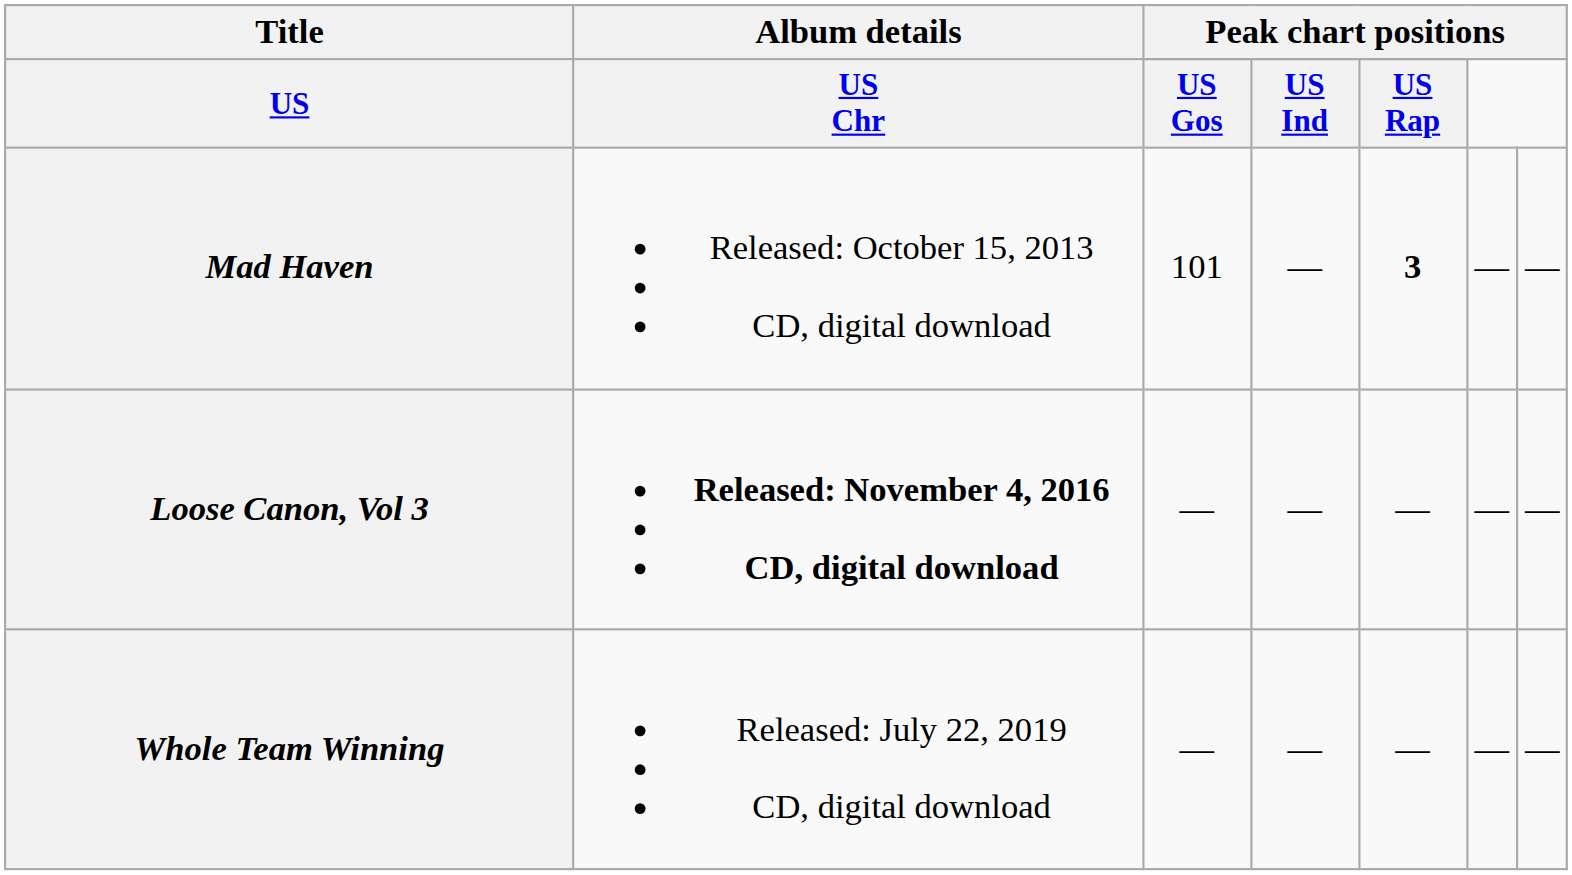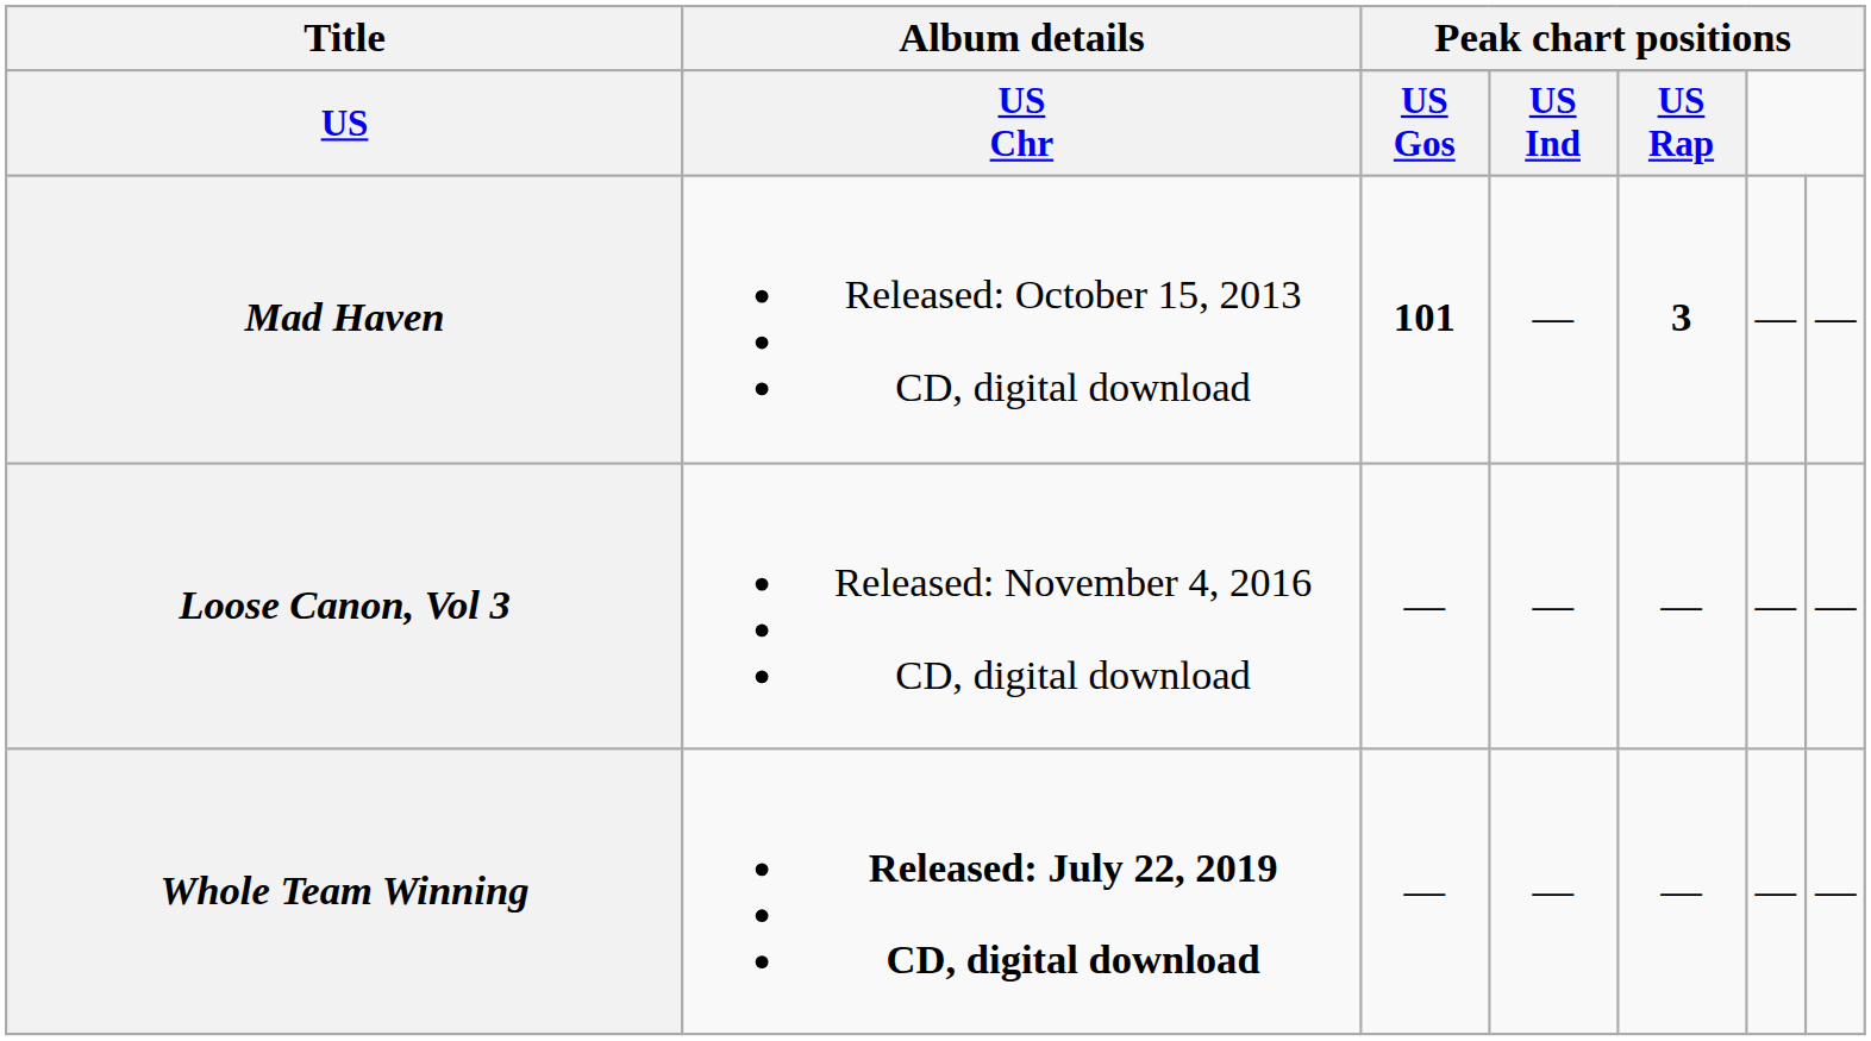 <table class="wikitable plainrowheaders" style="text-align:center;">
 <tr>
 <th scope="col" rowspan="2" style="width:16em;">Title</th>
 <th scope="col" rowspan="2" style="width:16em;">Album details</th>
 <th scope="col" colspan="5">Peak chart positions</th>
 </tr>
 <tr>
 </tr>
 <tr>
 <th style="width:3em; font-size:90%"><a href='#'>US</a></th>
 <th style="width:3em; font-size:90%"><a href='#'>US<br>Chr</a></th>
 <th style="width:3em; font-size:90%"><a href='#'>US<br>Gos</a></th>
 <th style="width:3em; font-size:90%"><a href='#'>US<br>Ind</a></th>
 <th style="width:3em; font-size:90%"><a href='#'>US<br>Rap</a></th>
 </tr>
 <tr>
 <th scope="row"><em>Mad Haven</em></th>
 <td><br><ul><li>Released: October 15, 2013</li><li></li><li>CD, digital download</li></ul></td>
-<td>101</td>
+<td><strong>101</strong></td>
 <td>—</td>
 <td><strong>3</strong></td>
 <td>—</td>
 <td>—</td>
 </tr>
 <tr>
 <th scope="row"><em>Loose Canon, Vol 3</em></th>
-<td><strong><br><ul><li>Released: November 4, 2016</li><li></li><li>CD, digital download</li></ul></strong></td>
+<td><br><ul><li>Released: November 4, 2016</li><li></li><li>CD, digital download</li></ul></td>
 <td>—</td>
 <td>—</td>
 <td>—</td>
 <td>—</td>
 <td>—</td>
 </tr>
 <tr>
 <th scope="row"><em>Whole Team Winning</em></th>
-<td><br><ul><li>Released: July 22, 2019</li><li></li><li>CD, digital download</li></ul></td>
+<td><strong><br><ul><li>Released: July 22, 2019</li><li></li><li>CD, digital download</li></ul></strong></td>
 <td>—</td>
 <td>—</td>
 <td>—</td>
 <td>—</td>
 <td>—</td>
 </tr>
 </table>
